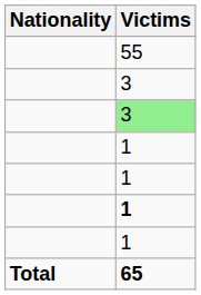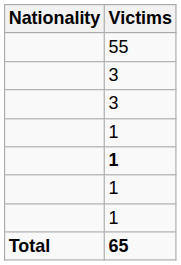 <table class="wikitable">
 <tr style="background:#ccf;">
 <th>Nationality</th>
 <th>Victims</th>
 </tr>
 <tr valign=top>
 <td></td>
 <td>55</td>
 </tr>
 <tr valign=top>
 <td></td>
 <td>3</td>
 </tr>
 <tr valign=top>
 <td></td>
-<td style="background: lightgreen;">3</td>
-</tr>
-<tr valign=top>
-<td></td>
-<td>1</td>
+<td>3</td>
 </tr>
 <tr valign=top>
 <td></td>
 <td>1</td>
 </tr>
 <tr valign=top>
 <td></td>
 <td><strong>1</strong></td>
 </tr>
 <tr valign=top>
 <td></td>
 <td>1</td>
 </tr>
 <tr valign=top>
+<td></td>
+<td>1</td>
+</tr>
+<tr valign=top>
 <td><strong>Total</strong></td>
 <td><strong>65</strong></td>
 </tr>
 </table>
